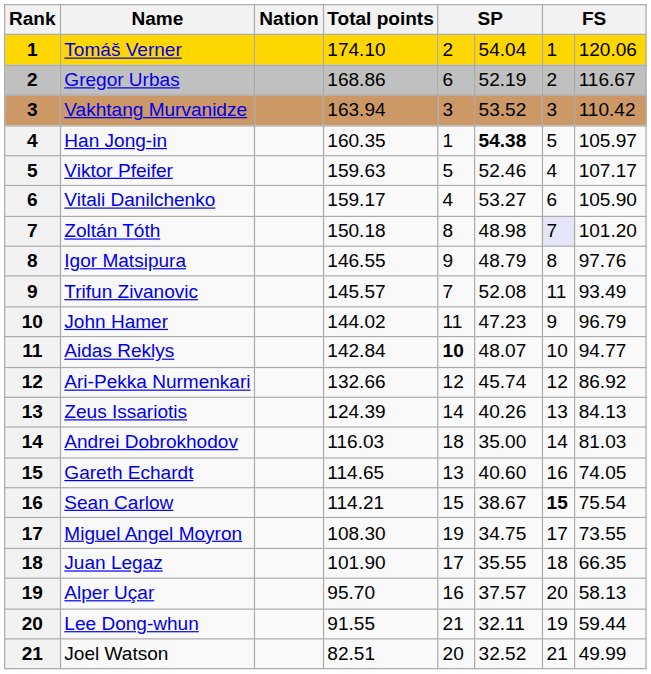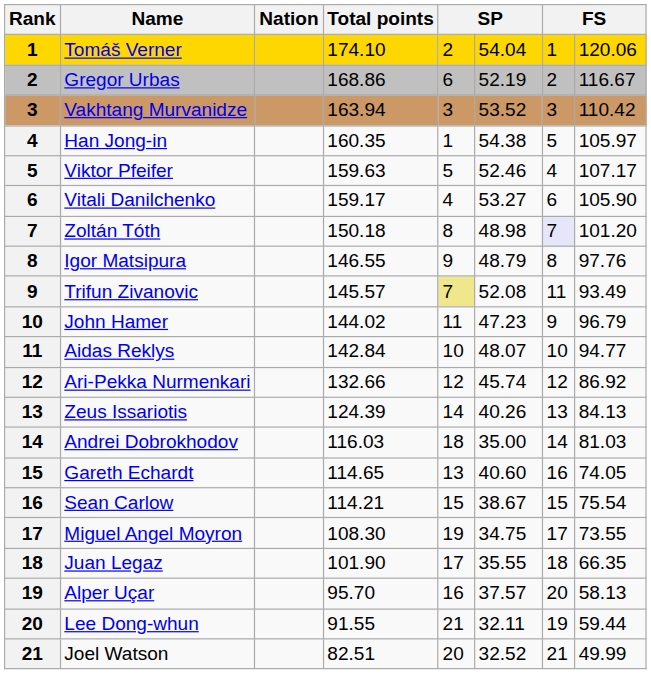 <table class="wikitable">
 <tr>
 <th>Rank</th>
 <th>Name</th>
 <th>Nation</th>
 <th>Total points</th>
 <th colspan="2" width="80px">SP</th>
 <th colspan="2" width="80px">FS</th>
 </tr>
 <tr bgcolor="gold">
 <td align="center"><strong>1</strong></td>
 <td><a href='#'>Tomáš Verner</a></td>
 <td></td>
 <td>174.10</td>
 <td>2</td>
 <td>54.04</td>
 <td>1</td>
 <td>120.06</td>
 </tr>
 <tr bgcolor="silver">
 <td align="center"><strong>2</strong></td>
 <td><a href='#'>Gregor Urbas</a></td>
 <td></td>
 <td>168.86</td>
 <td>6</td>
 <td>52.19</td>
 <td>2</td>
 <td>116.67</td>
 </tr>
 <tr bgcolor="cc9966">
 <td align="center"><strong>3</strong></td>
 <td><a href='#'>Vakhtang Murvanidze</a></td>
 <td></td>
 <td>163.94</td>
 <td>3</td>
 <td>53.52</td>
 <td>3</td>
 <td>110.42</td>
 </tr>
 <tr>
 <th>4</th>
 <td><a href='#'>Han Jong-in</a></td>
 <td></td>
 <td>160.35</td>
 <td>1</td>
-<td><strong>54.38</strong></td>
+<td>54.38</td>
 <td>5</td>
 <td>105.97</td>
 </tr>
 <tr>
 <th>5</th>
 <td><a href='#'>Viktor Pfeifer</a></td>
 <td></td>
 <td>159.63</td>
 <td>5</td>
 <td>52.46</td>
 <td>4</td>
 <td>107.17</td>
 </tr>
 <tr>
 <th>6</th>
 <td><a href='#'>Vitali Danilchenko</a></td>
 <td></td>
 <td>159.17</td>
 <td>4</td>
 <td>53.27</td>
 <td>6</td>
 <td>105.90</td>
 </tr>
 <tr>
 <th>7</th>
 <td><a href='#'>Zoltán Tóth</a></td>
 <td></td>
 <td>150.18</td>
 <td>8</td>
 <td>48.98</td>
 <td style="background: lavender;">7</td>
 <td>101.20</td>
 </tr>
 <tr>
 <th>8</th>
 <td><a href='#'>Igor Matsipura</a></td>
 <td></td>
 <td>146.55</td>
 <td>9</td>
 <td>48.79</td>
 <td>8</td>
 <td>97.76</td>
 </tr>
 <tr>
 <th>9</th>
 <td><a href='#'>Trifun Zivanovic</a></td>
 <td></td>
 <td>145.57</td>
-<td>7</td>
+<td style="background: khaki;">7</td>
 <td>52.08</td>
 <td>11</td>
 <td>93.49</td>
 </tr>
 <tr>
 <th>10</th>
 <td><a href='#'>John Hamer</a></td>
 <td></td>
 <td>144.02</td>
 <td>11</td>
 <td>47.23</td>
 <td>9</td>
 <td>96.79</td>
 </tr>
 <tr>
 <th>11</th>
 <td><a href='#'>Aidas Reklys</a></td>
 <td></td>
 <td>142.84</td>
-<td><strong>10</strong></td>
+<td>10</td>
 <td>48.07</td>
 <td>10</td>
 <td>94.77</td>
 </tr>
 <tr>
 <th>12</th>
 <td><a href='#'>Ari-Pekka Nurmenkari</a></td>
 <td></td>
 <td>132.66</td>
 <td>12</td>
 <td>45.74</td>
 <td>12</td>
 <td>86.92</td>
 </tr>
 <tr>
 <th>13</th>
 <td><a href='#'>Zeus Issariotis</a></td>
 <td></td>
 <td>124.39</td>
 <td>14</td>
 <td>40.26</td>
 <td>13</td>
 <td>84.13</td>
 </tr>
 <tr>
 <th>14</th>
 <td><a href='#'>Andrei Dobrokhodov</a></td>
 <td></td>
 <td>116.03</td>
 <td>18</td>
 <td>35.00</td>
 <td>14</td>
 <td>81.03</td>
 </tr>
 <tr>
 <th>15</th>
 <td><a href='#'>Gareth Echardt</a></td>
 <td></td>
 <td>114.65</td>
 <td>13</td>
 <td>40.60</td>
 <td>16</td>
 <td>74.05</td>
 </tr>
 <tr>
 <th>16</th>
 <td><a href='#'>Sean Carlow</a></td>
 <td></td>
 <td>114.21</td>
 <td>15</td>
 <td>38.67</td>
-<td><strong>15</strong></td>
+<td>15</td>
 <td>75.54</td>
 </tr>
 <tr>
 <th>17</th>
 <td><a href='#'>Miguel Angel Moyron</a></td>
 <td></td>
 <td>108.30</td>
 <td>19</td>
 <td>34.75</td>
 <td>17</td>
 <td>73.55</td>
 </tr>
 <tr>
 <th>18</th>
 <td><a href='#'>Juan Legaz</a></td>
 <td></td>
 <td>101.90</td>
 <td>17</td>
 <td>35.55</td>
 <td>18</td>
 <td>66.35</td>
 </tr>
 <tr>
 <th>19</th>
 <td><a href='#'>Alper Uçar</a></td>
 <td></td>
 <td>95.70</td>
 <td>16</td>
 <td>37.57</td>
 <td>20</td>
 <td>58.13</td>
 </tr>
 <tr>
 <th>20</th>
 <td><a href='#'>Lee Dong-whun</a></td>
 <td></td>
 <td>91.55</td>
 <td>21</td>
 <td>32.11</td>
 <td>19</td>
 <td>59.44</td>
 </tr>
 <tr>
 <th>21</th>
 <td>Joel Watson</td>
 <td></td>
 <td>82.51</td>
 <td>20</td>
 <td>32.52</td>
 <td>21</td>
 <td>49.99</td>
 </tr>
 </table>
